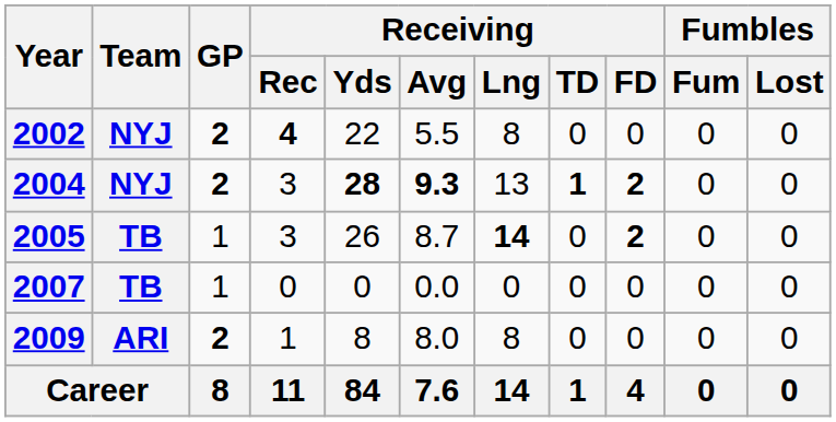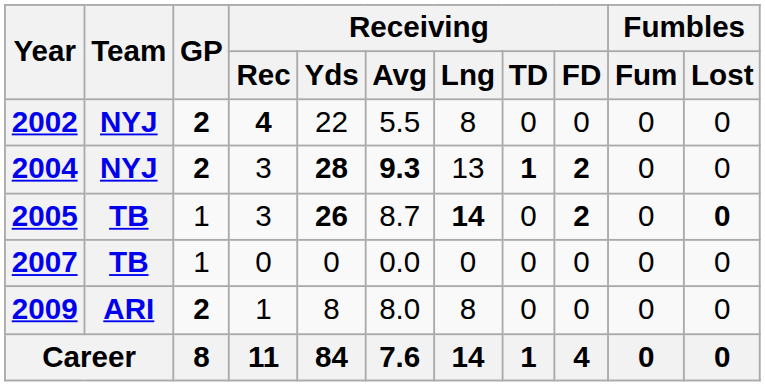 <table class="wikitable" style="text-align:center;">
 <tr>
 <th rowspan="2">Year</th>
 <th rowspan="2">Team</th>
 <th rowspan="2">GP</th>
 <th colspan="6">Receiving</th>
 <th colspan="2">Fumbles</th>
 </tr>
 <tr>
 <th>Rec</th>
 <th>Yds</th>
 <th>Avg</th>
 <th>Lng</th>
 <th>TD</th>
 <th>FD</th>
 <th>Fum</th>
 <th>Lost</th>
 </tr>
 <tr>
 <th><a href='#'>2002</a></th>
 <th><a href='#'>NYJ</a></th>
 <td><strong>2</strong></td>
 <td><strong>4</strong></td>
 <td>22</td>
 <td>5.5</td>
 <td>8</td>
 <td>0</td>
 <td>0</td>
 <td>0</td>
 <td>0</td>
 </tr>
 <tr>
 <th><a href='#'>2004</a></th>
 <th><a href='#'>NYJ</a></th>
 <td><strong>2</strong></td>
 <td>3</td>
 <td><strong>28</strong></td>
 <td><strong>9.3</strong></td>
 <td>13</td>
 <td><strong>1</strong></td>
 <td><strong>2</strong></td>
 <td>0</td>
 <td>0</td>
 </tr>
 <tr>
 <th><a href='#'>2005</a></th>
 <th><a href='#'>TB</a></th>
 <td>1</td>
 <td>3</td>
-<td>26</td>
+<td><strong>26</strong></td>
 <td>8.7</td>
 <td><strong>14</strong></td>
 <td>0</td>
 <td><strong>2</strong></td>
 <td>0</td>
-<td>0</td>
+<td><strong>0</strong></td>
 </tr>
 <tr>
 <th><a href='#'>2007</a></th>
 <th><a href='#'>TB</a></th>
 <td>1</td>
 <td>0</td>
 <td>0</td>
 <td>0.0</td>
 <td>0</td>
 <td>0</td>
 <td>0</td>
 <td>0</td>
 <td>0</td>
 </tr>
 <tr>
 <th><a href='#'>2009</a></th>
 <th><a href='#'>ARI</a></th>
 <td><strong>2</strong></td>
 <td>1</td>
 <td>8</td>
 <td>8.0</td>
 <td>8</td>
 <td>0</td>
 <td>0</td>
 <td>0</td>
 <td>0</td>
 </tr>
 <tr>
 <th colspan="2">Career</th>
 <th>8</th>
 <th>11</th>
 <th>84</th>
 <th>7.6</th>
 <th>14</th>
 <th>1</th>
 <th>4</th>
 <th>0</th>
 <th>0</th>
 </tr>
 </table>
